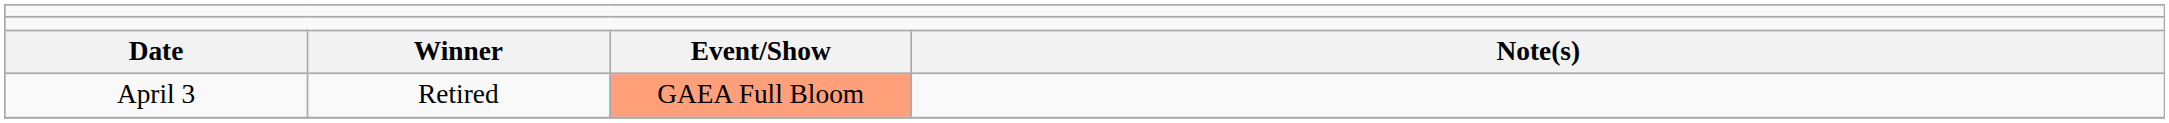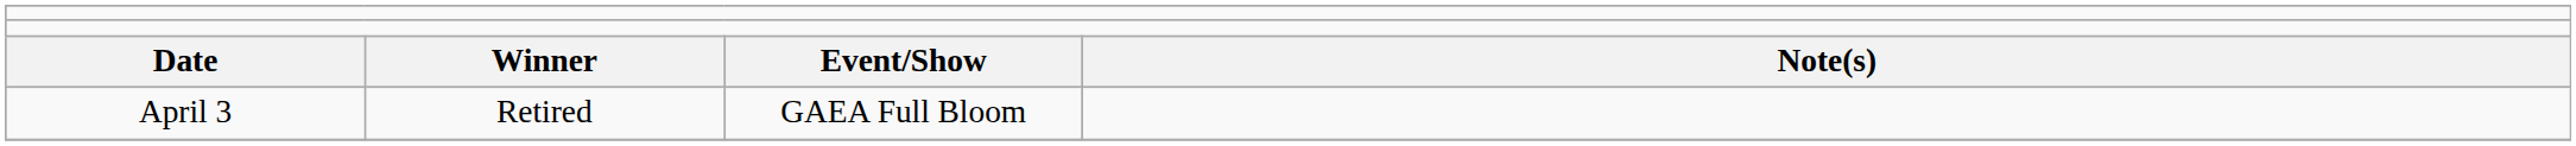 <table class="wikitable" style="text-align:center; width:100%;">
 <tr>
 <td colspan="5"></td>
 </tr>
 <tr>
 <td colspan="5"><strong></strong></td>
 </tr>
 <tr>
 <th width=14%>Date</th>
 <th width=14%>Winner</th>
 <th width=14%>Event/Show</th>
 <th width=58%>Note(s)</th>
 </tr>
 <tr>
 <td>April 3</td>
 <td>Retired</td>
-<td style="background: lightsalmon;">GAEA Full Bloom</td>
+<td>GAEA Full Bloom</td>
 <td align=left></td>
 </tr>
 <tr>
 </tr>
 </table>
